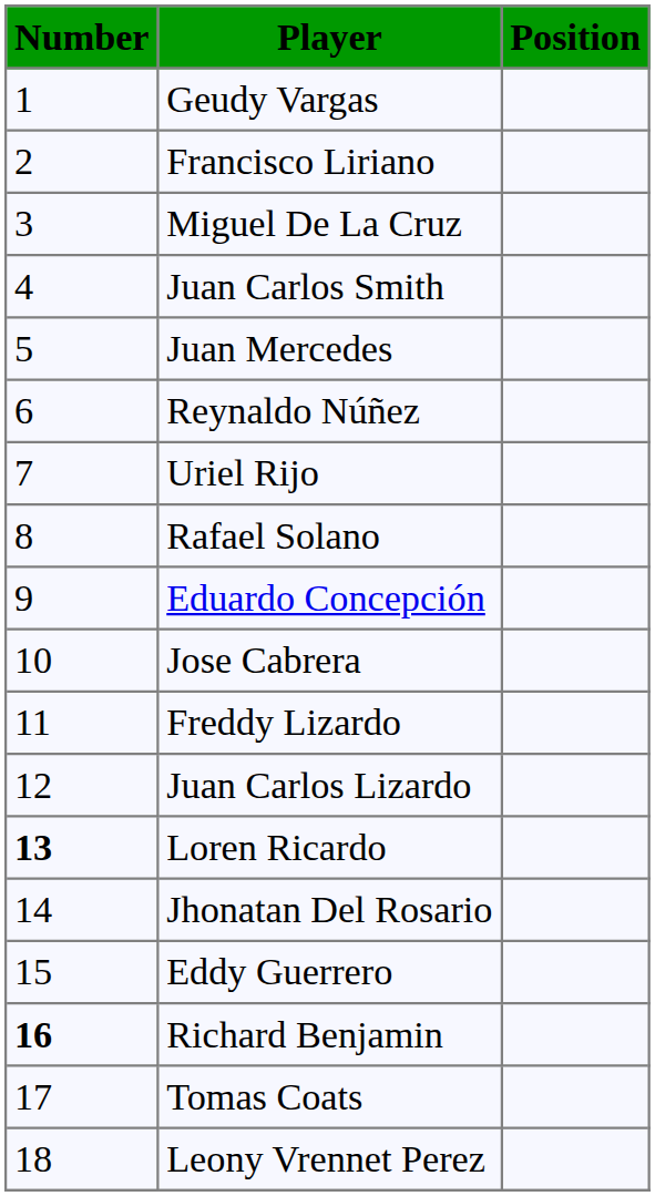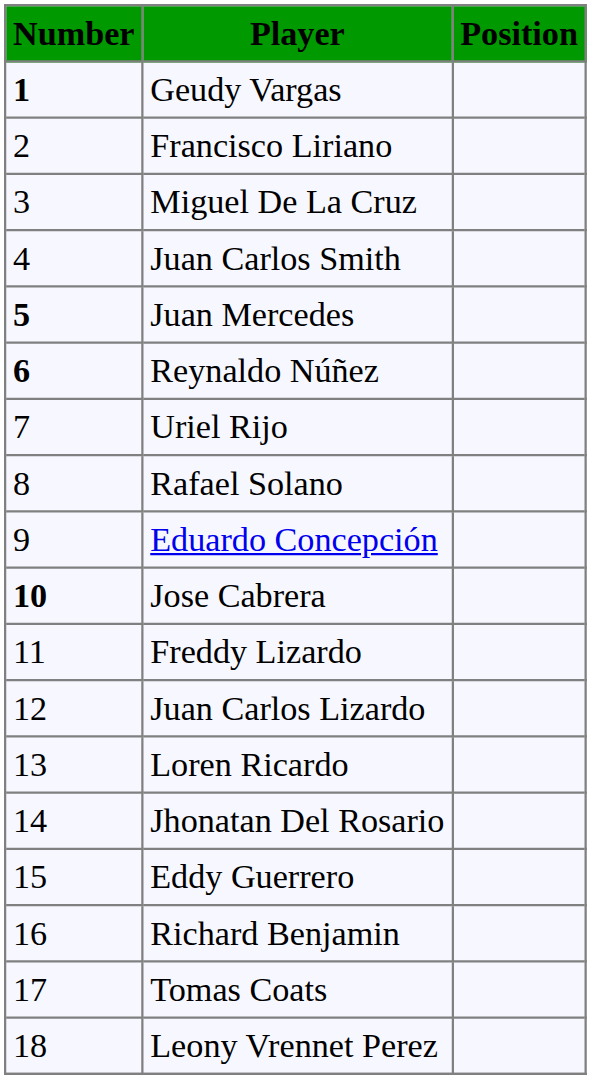 <table bgcolor="#f7f8ff" cellpadding="3" cellspacing="0" border="1" style="font-size: 95%; border: gray solid 1px; border-collapse: collapse;">
 <tr bgcolor="#009900">
 <td align=center><strong>Number</strong></td>
 <td align=center><strong>Player</strong></td>
 <td align=center><strong>Position</strong></td>
 </tr>
 <tr align=left>
-<td>1</td>
+<td><strong>1</strong></td>
 <td> Geudy Vargas</td>
 <td></td>
 </tr>
 <tr align=left>
 <td>2</td>
 <td> Francisco Liriano</td>
 <td></td>
 </tr>
 <tr align="left">
 <td>3</td>
 <td> Miguel De La Cruz</td>
 <td></td>
 </tr>
 <tr align="left">
 <td>4</td>
 <td> Juan Carlos Smith</td>
 <td></td>
 </tr>
 <tr align="left">
-<td>5</td>
+<td><strong>5</strong></td>
 <td> Juan Mercedes</td>
 <td></td>
 </tr>
 <tr align="left">
-<td>6</td>
+<td><strong>6</strong></td>
 <td> Reynaldo Núñez</td>
 <td></td>
 </tr>
 <tr align="left">
 <td>7</td>
 <td> Uriel Rijo</td>
 <td></td>
 </tr>
 <tr align="left">
 <td>8</td>
 <td> Rafael Solano</td>
 <td></td>
 </tr>
 <tr align="left">
 <td>9</td>
 <td> <a href='#'>Eduardo Concepción</a></td>
 <td></td>
 </tr>
 <tr align="left">
-<td>10</td>
+<td><strong>10</strong></td>
 <td> Jose Cabrera</td>
 <td></td>
 </tr>
 <tr align="left">
 <td>11</td>
 <td> Freddy Lizardo</td>
 <td></td>
 </tr>
 <tr align="left">
 <td>12</td>
 <td> Juan Carlos Lizardo</td>
 <td></td>
 </tr>
 <tr align="left">
-<td><strong>13</strong></td>
+<td>13</td>
 <td> Loren Ricardo</td>
 <td></td>
 </tr>
 <tr align="left">
 <td>14</td>
 <td> Jhonatan Del Rosario</td>
 <td></td>
 </tr>
 <tr align="left">
 <td>15</td>
 <td> Eddy Guerrero</td>
 <td></td>
 </tr>
 <tr align="left">
-<td><strong>16</strong></td>
+<td>16</td>
 <td> Richard Benjamin</td>
 <td></td>
 </tr>
 <tr align="left">
 <td>17</td>
 <td> Tomas Coats</td>
 <td></td>
 </tr>
 <tr align="left">
 <td>18</td>
 <td> Leony Vrennet Perez</td>
 <td></td>
 </tr>
 <tr align="left">
 </tr>
 </table>
